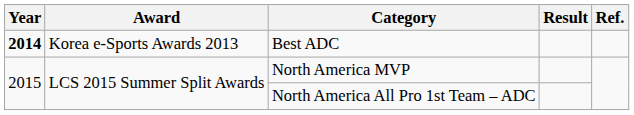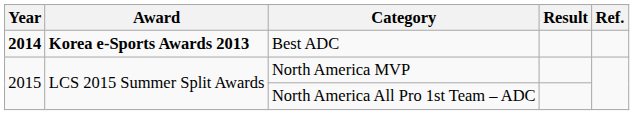 <table class="wikitable">
 <tr>
 <th>Year</th>
 <th>Award</th>
 <th>Category</th>
 <th>Result</th>
 <th>Ref.</th>
 </tr>
 <tr>
 <td style="text-align:center;"><strong>2014</strong></td>
-<td>Korea e-Sports Awards 2013</td>
+<td><strong>Korea e-Sports Awards 2013</strong></td>
 <td>Best ADC</td>
 <td></td>
 <td style="text-align:center;"></td>
 </tr>
 <tr>
 <td rowspan="2" style="text-align:center;">2015</td>
 <td rowspan="2">LCS 2015 Summer Split Awards</td>
 <td>North America MVP</td>
 <td></td>
 <td rowspan="2" style="text-align:center;"></td>
 </tr>
 <tr>
 <td>North America All Pro 1st Team – ADC</td>
 <td></td>
 </tr>
 </table>
